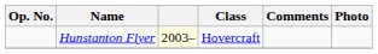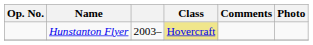 <table class="wikitable">
 <tr>
 <th>Op. No.</th>
 <th>Name</th>
 <th></th>
 <th>Class</th>
 <th>Comments</th>
 <th>Photo</th>
 </tr>
 <tr>
 <td></td>
 <td><a href='#'><em>Hunstanton Flyer<br></em></a></td>
-<td style="background: lightyellow;">2003–</td>
-<td><a href='#'>Hovercraft</a></td>
+<td>2003–</td>
+<td style="background: khaki;"><a href='#'>Hovercraft</a></td>
 <td></td>
 <td></td>
 </tr>
 <tr>
 </tr>
 </table>
